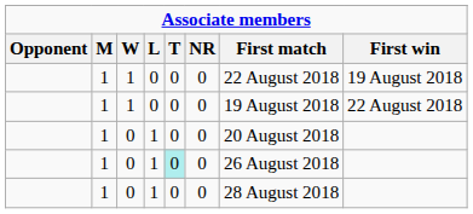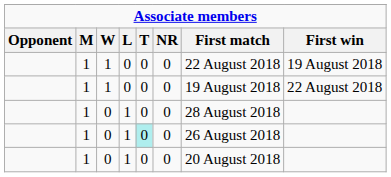 <table class="wikitable" style="text-align: center;">
 <tr>
 </tr>
 <tr>
 <td colspan="30" style="text-align: center;"><strong><a href='#'>Associate members</a></strong></td>
 </tr>
 <tr>
 <th>Opponent</th>
 <th>M</th>
 <th>W</th>
 <th>L</th>
 <th>T</th>
 <th>NR</th>
 <th>First match</th>
 <th>First win</th>
 </tr>
 <tr>
 <td></td>
 <td>1</td>
 <td>1</td>
 <td>0</td>
 <td>0</td>
 <td>0</td>
 <td>22 August 2018</td>
 <td>19 August 2018</td>
 </tr>
 <tr>
 <td></td>
 <td>1</td>
 <td>1</td>
 <td>0</td>
 <td>0</td>
 <td>0</td>
 <td>19 August 2018</td>
 <td>22 August 2018</td>
 </tr>
 <tr>
 <td></td>
 <td>1</td>
 <td>0</td>
 <td>1</td>
 <td>0</td>
 <td>0</td>
-<td>20 August 2018</td>
+<td>28 August 2018</td>
 <td></td>
 </tr>
 <tr>
 <td></td>
 <td>1</td>
 <td>0</td>
 <td>1</td>
 <td style="background: paleturquoise;">0</td>
 <td>0</td>
 <td>26 August 2018</td>
 <td></td>
 </tr>
 <tr>
 <td></td>
 <td>1</td>
 <td>0</td>
 <td>1</td>
 <td>0</td>
 <td>0</td>
-<td>28 August 2018</td>
+<td>20 August 2018</td>
 <td></td>
 </tr>
 </table>
